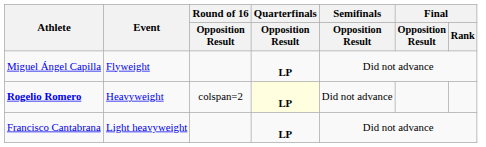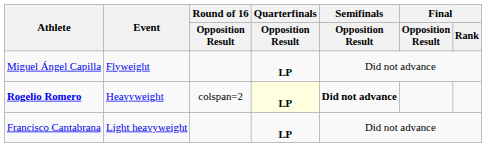 <table class=wikitable style="font-size:90%;">
 <tr>
 <th rowspan=2>Athlete</th>
 <th rowspan=2>Event</th>
 <th>Round of 16</th>
 <th>Quarterfinals</th>
 <th>Semifinals</th>
 <th colspan=2>Final</th>
 </tr>
 <tr style="font-size:95%">
 <th>Opposition<br>Result</th>
 <th>Opposition<br>Result</th>
 <th>Opposition<br>Result</th>
 <th>Opposition<br>Result</th>
 <th>Rank</th>
 </tr>
 <tr align=center>
 <td align=left><a href='#'>Miguel Ángel Capilla</a></td>
 <td align=left><a href='#'>Flyweight</a></td>
 <td></td>
 <td><br><strong>LP</strong></td>
 <td colspan=3>Did not advance</td>
 </tr>
 <tr align=center>
 <td align=left><strong><a href='#'>Rogelio Romero</a></strong></td>
 <td align=left><a href='#'>Heavyweight</a></td>
 <td>colspan=2 </td>
 <td style="background: lightyellow;"><br><strong>LP</strong></td>
-<td>Did not advance</td>
+<td><strong>Did not advance</strong></td>
 <td></td>
 </tr>
 <tr align=center>
 <td align=left><a href='#'>Francisco Cantabrana</a></td>
 <td align=left><a href='#'>Light heavyweight</a></td>
 <td></td>
 <td><br><strong>LP</strong></td>
 <td colspan=3>Did not advance</td>
 </tr>
 </table>
